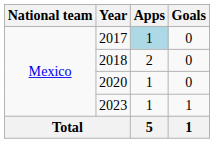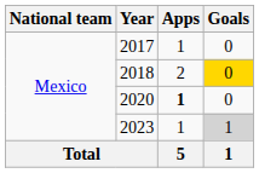 <table class="wikitable" style="text-align: center;">
 <tr>
 <th>National team</th>
 <th>Year</th>
 <th>Apps</th>
 <th>Goals</th>
 </tr>
 <tr>
 <td rowspan="4" valign="center"><a href='#'>Mexico</a></td>
 <td>2017</td>
-<td style="background: lightblue;">1</td>
+<td>1</td>
 <td>0</td>
 </tr>
 <tr>
 <td>2018</td>
 <td>2</td>
-<td>0</td>
+<td style="background: gold;">0</td>
 </tr>
 <tr>
 <td>2020</td>
-<td>1</td>
+<td><strong>1</strong></td>
 <td>0</td>
 </tr>
 <tr>
 <td>2023</td>
 <td>1</td>
-<td>1</td>
+<td style="background: lightgrey;">1</td>
 </tr>
 <tr>
 <th colspan="2">Total</th>
 <th>5</th>
 <th>1</th>
 </tr>
 </table>
